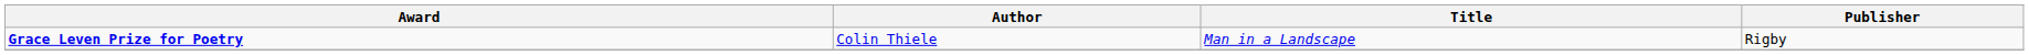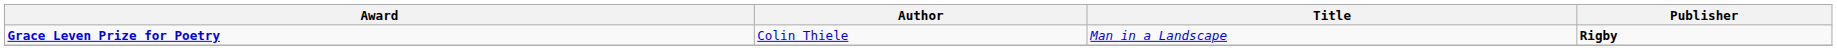 <table class="wikitable" width=95%>
 <tr>
 <th>Award</th>
 <th>Author</th>
 <th>Title</th>
 <th>Publisher</th>
 </tr>
 <tr>
 <td><strong><a href='#'>Grace Leven Prize for Poetry</a></strong></td>
 <td><a href='#'>Colin Thiele</a></td>
 <td><em><a href='#'>Man in a Landscape</a></em></td>
-<td>Rigby</td>
+<td><strong>Rigby</strong></td>
 </tr>
 <tr>
 </tr>
 </table>
